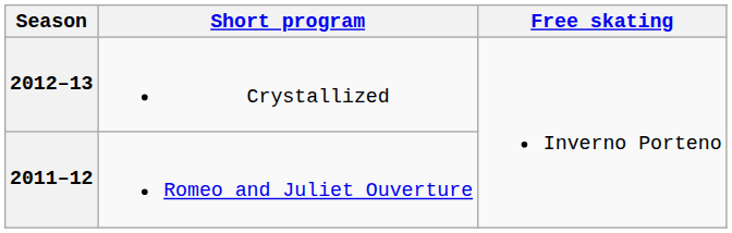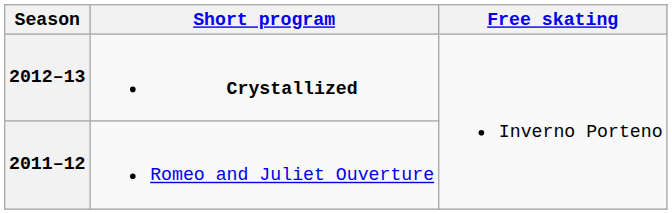 <table class=wikitable style=text-align:center>
 <tr>
 <th>Season</th>
 <th><a href='#'>Short program</a></th>
 <th><a href='#'>Free skating</a></th>
 </tr>
 <tr>
 <th>2012–13 <br></th>
-<td><br><ul><li>Crystallized</li></ul></td>
+<td><strong><br><ul><li>Crystallized</li></ul></strong></td>
 <td rowspan=2><br><ul><li>Inverno Porteno <br></li></ul></td>
 </tr>
 <tr>
 <th>2011–12 <br></th>
 <td><br><ul><li><a href='#'>Romeo and Juliet Ouverture</a> <br></li></ul></td>
 </tr>
 </table>
